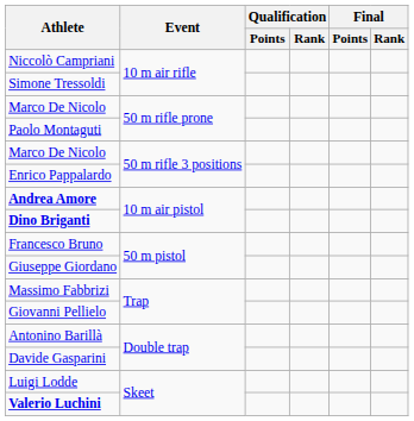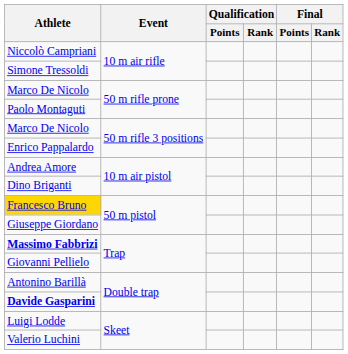 <table class="wikitable" style="font-size:90%">
 <tr>
 <th rowspan="2">Athlete</th>
 <th rowspan="2">Event</th>
 <th colspan=2>Qualification</th>
 <th colspan=2>Final</th>
 </tr>
 <tr style="font-size:95%">
 <th>Points</th>
 <th>Rank</th>
 <th>Points</th>
 <th>Rank</th>
 </tr>
 <tr align=center>
 <td align=left><a href='#'>Niccolò Campriani</a></td>
 <td align=left rowspan=2><a href='#'>10 m air rifle</a></td>
 <td></td>
 <td></td>
 <td></td>
 <td></td>
 </tr>
 <tr align=center>
 <td align=left><a href='#'>Simone Tressoldi</a></td>
 <td></td>
 <td></td>
 <td></td>
 <td></td>
 </tr>
 <tr align=center>
 <td align=left><a href='#'>Marco De Nicolo</a></td>
 <td align=left rowspan=2><a href='#'>50 m rifle prone</a></td>
 <td></td>
 <td></td>
 <td></td>
 <td></td>
 </tr>
 <tr align=center>
 <td align=left><a href='#'>Paolo Montaguti</a></td>
 <td></td>
 <td></td>
 <td></td>
 <td></td>
 </tr>
 <tr align=center>
 <td align=left><a href='#'>Marco De Nicolo</a></td>
 <td align=left rowspan=2><a href='#'>50 m rifle 3 positions</a></td>
 <td></td>
 <td></td>
 <td></td>
 <td></td>
 </tr>
 <tr align=center>
 <td align=left><a href='#'>Enrico Pappalardo</a></td>
 <td></td>
 <td></td>
 <td></td>
 <td></td>
 </tr>
 <tr align=center>
-<td align=left><strong><a href='#'>Andrea Amore</a></strong></td>
+<td align=left><a href='#'>Andrea Amore</a></td>
 <td align=left rowspan=2><a href='#'>10 m air pistol</a></td>
 <td></td>
 <td></td>
 <td></td>
 <td></td>
 </tr>
 <tr align=center>
-<td align=left><strong><a href='#'>Dino Briganti</a></strong></td>
+<td align=left><a href='#'>Dino Briganti</a></td>
 <td></td>
 <td></td>
 <td></td>
 <td></td>
 </tr>
 <tr align=center>
-<td align=left><a href='#'>Francesco Bruno</a></td>
+<td align=left style="background: gold;"><a href='#'>Francesco Bruno</a></td>
 <td align=left rowspan=2><a href='#'>50 m pistol</a></td>
 <td></td>
 <td></td>
 <td></td>
 <td></td>
 </tr>
 <tr align=center>
 <td align=left><a href='#'>Giuseppe Giordano</a></td>
 <td></td>
 <td></td>
 <td></td>
 <td></td>
 </tr>
 <tr align=center>
-<td align=left><a href='#'>Massimo Fabbrizi</a></td>
+<td align=left><strong><a href='#'>Massimo Fabbrizi</a></strong></td>
 <td align=left rowspan=2><a href='#'>Trap</a></td>
 <td></td>
 <td></td>
 <td></td>
 <td></td>
 </tr>
 <tr align=center>
 <td align=left><a href='#'>Giovanni Pellielo</a></td>
 <td></td>
 <td></td>
 <td></td>
 <td></td>
 </tr>
 <tr align=center>
 <td align=left><a href='#'>Antonino Barillà</a></td>
 <td align=left rowspan=2><a href='#'>Double trap</a></td>
 <td></td>
 <td></td>
 <td></td>
 <td></td>
 </tr>
 <tr align=center>
-<td align=left><a href='#'>Davide Gasparini</a></td>
+<td align=left><strong><a href='#'>Davide Gasparini</a></strong></td>
 <td></td>
 <td></td>
 <td></td>
 <td></td>
 </tr>
 <tr align=center>
 <td align=left><a href='#'>Luigi Lodde</a></td>
 <td align=left rowspan=2><a href='#'>Skeet</a></td>
 <td></td>
 <td></td>
 <td></td>
 <td></td>
 </tr>
 <tr align=center>
-<td align=left><strong><a href='#'>Valerio Luchini</a></strong></td>
+<td align=left><a href='#'>Valerio Luchini</a></td>
 <td></td>
 <td></td>
 <td></td>
 <td></td>
 </tr>
 </table>
